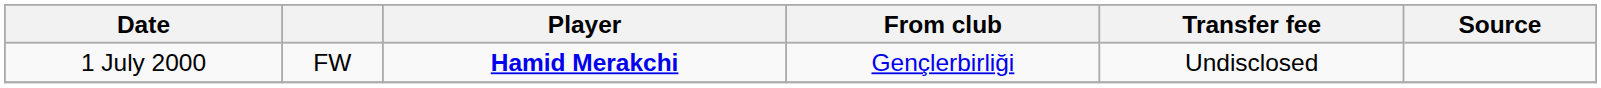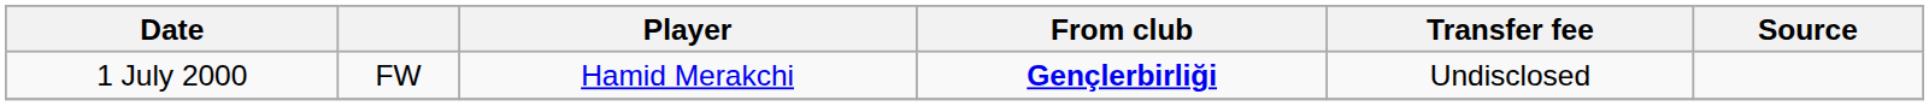 <table class="wikitable sortable" style="width:70%; text-align:center; font-size:85%; text-align:centre;">
 <tr>
 <th><strong>Date</strong></th>
 <th><strong></strong></th>
 <th><strong>Player</strong></th>
 <th><strong>From club</strong></th>
 <th><strong>Transfer fee</strong></th>
 <th><strong>Source</strong></th>
 </tr>
 <tr>
 <td>1 July 2000</td>
 <td>FW</td>
-<td><strong> <a href='#'>Hamid Merakchi</a></strong></td>
-<td> <a href='#'>Gençlerbirliği</a></td>
+<td> <a href='#'>Hamid Merakchi</a></td>
+<td><strong> <a href='#'>Gençlerbirliği</a></strong></td>
 <td>Undisclosed</td>
 <td></td>
 </tr>
 <tr>
 </tr>
 </table>
